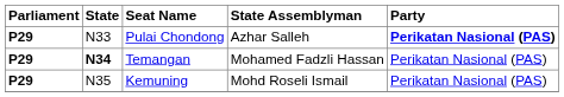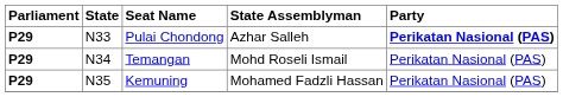 <table class="toccolours sortable" border="1" cellpadding="3" style="border-collapse:collapse; text-align: left;">
 <tr>
 <th align="center">Parliament</th>
 <th>State</th>
 <th>Seat Name</th>
 <th>State Assemblyman</th>
 <th>Party</th>
 </tr>
 <tr>
 <th align="left">P29</th>
 <td>N33</td>
 <td><a href='#'>Pulai Chondong</a></td>
 <td>Azhar Salleh</td>
 <td><strong><a href='#'>Perikatan Nasional</a> (<a href='#'>PAS</a>)</strong></td>
 </tr>
 <tr>
 <th align="left">P29</th>
-<td><strong>N34</strong></td>
+<td>N34</td>
 <td><a href='#'>Temangan</a></td>
-<td>Mohamed Fadzli Hassan</td>
+<td>Mohd Roseli Ismail</td>
 <td><a href='#'>Perikatan Nasional</a> (<a href='#'>PAS</a>)</td>
 </tr>
 <tr>
 <th align="left">P29</th>
 <td>N35</td>
 <td><a href='#'>Kemuning</a></td>
-<td>Mohd Roseli Ismail</td>
+<td>Mohamed Fadzli Hassan</td>
 <td><a href='#'>Perikatan Nasional</a> (<a href='#'>PAS</a>)</td>
 </tr>
 <tr>
 </tr>
 </table>
